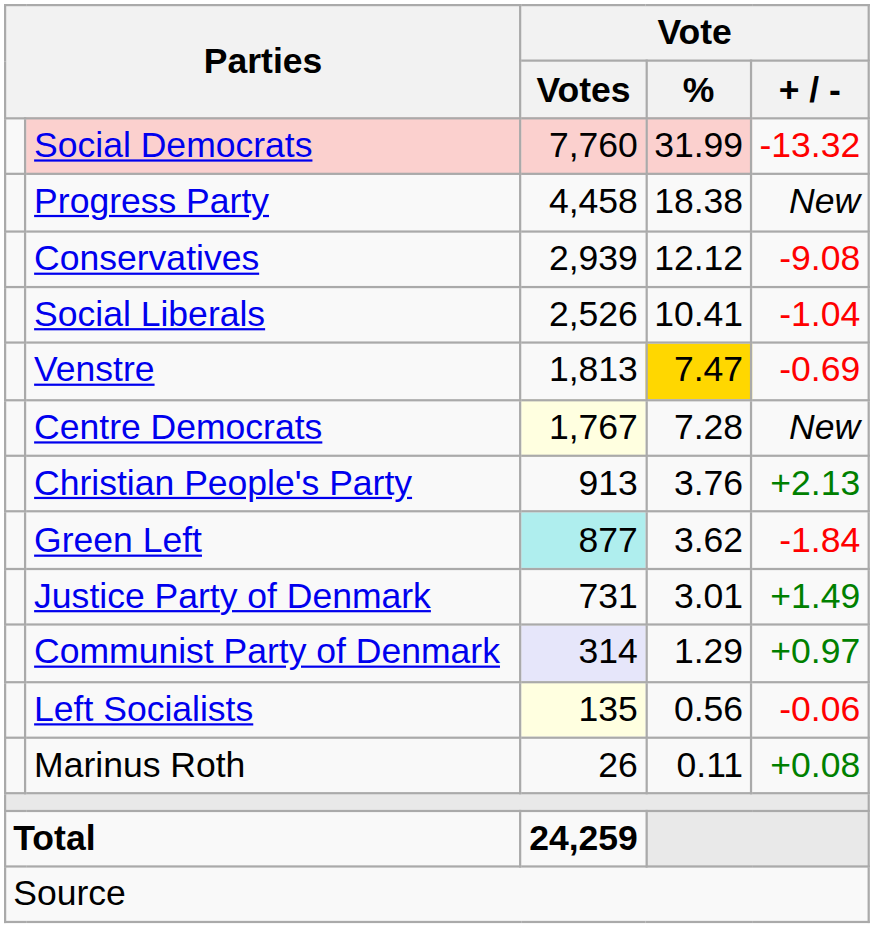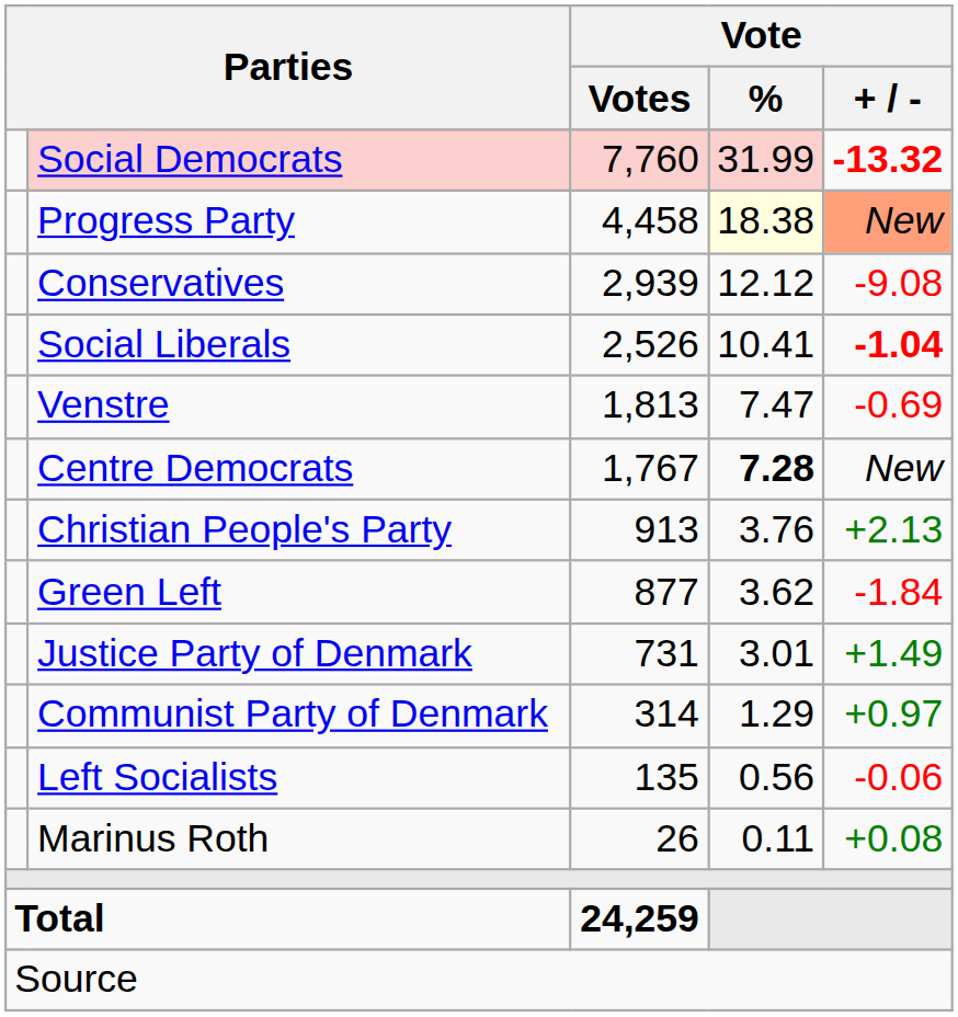 <table class="wikitable" style="text-align:right;">
 <tr>
 <th style="text-align:centre;" rowspan="2" colspan="2" width="225">Parties</th>
 <th colspan="3">Vote</th>
 </tr>
 <tr>
 <th width="15">Votes</th>
 <th width="15">%</th>
 <th width="15">+ / -</th>
 </tr>
 <tr>
 <td width="2" style="color:inherit;background:"></td>
 <td bgcolor=#fbd0ce  align="left"><a href='#'>Social Democrats</a></td>
 <td bgcolor=#fbd0ce>7,760</td>
 <td bgcolor=#fbd0ce>31.99</td>
-<td style=color:red;>-13.32</td>
+<td style=color:red;><strong>-13.32</strong></td>
 </tr>
 <tr>
 <td width="2" style="color:inherit;background:"></td>
 <td align="left"><a href='#'>Progress Party</a></td>
 <td>4,458</td>
-<td>18.38</td>
-<td><em>New</em></td>
+<td style="background: lightyellow;">18.38</td>
+<td style="background: lightsalmon;"><em>New</em></td>
 </tr>
 <tr>
 <td width="2" style="color:inherit;background:"></td>
 <td align="left"><a href='#'>Conservatives</a></td>
 <td>2,939</td>
 <td>12.12</td>
 <td style=color:red;>-9.08</td>
 </tr>
 <tr>
 <td width="2" style="color:inherit;background:"></td>
 <td align="left"><a href='#'>Social Liberals</a></td>
 <td>2,526</td>
 <td>10.41</td>
-<td style=color:red;>-1.04</td>
+<td style=color:red;><strong>-1.04</strong></td>
 </tr>
 <tr>
 <td width="2" style="color:inherit;background:"></td>
 <td align="left"><a href='#'>Venstre</a></td>
 <td>1,813</td>
-<td style="background: gold;">7.47</td>
+<td>7.47</td>
 <td style=color:red;>-0.69</td>
 </tr>
 <tr>
 <td width="2" style="color:inherit;background:"></td>
 <td align="left"><a href='#'>Centre Democrats</a></td>
-<td style="background: lightyellow;">1,767</td>
-<td>7.28</td>
+<td>1,767</td>
+<td><strong>7.28</strong></td>
 <td><em>New</em></td>
 </tr>
 <tr>
 <td width="2" style="color:inherit;background:"></td>
 <td align="left"><a href='#'>Christian People's Party</a></td>
 <td>913</td>
 <td>3.76</td>
 <td style=color:green;>+2.13</td>
 </tr>
 <tr>
 <td width="2" style="color:inherit;background:"></td>
 <td align="left"><a href='#'>Green Left</a></td>
-<td style="background: paleturquoise;">877</td>
+<td>877</td>
 <td>3.62</td>
 <td style=color:red;>-1.84</td>
 </tr>
 <tr>
 <td width="2" style="color:inherit;background:"></td>
 <td align="left"><a href='#'>Justice Party of Denmark</a></td>
 <td>731</td>
 <td>3.01</td>
 <td style=color:green;>+1.49</td>
 </tr>
 <tr>
 <td width="2" style="color:inherit;background:"></td>
 <td align="left"><a href='#'>Communist Party of Denmark</a></td>
-<td style="background: lavender;">314</td>
+<td>314</td>
 <td>1.29</td>
 <td style=color:green;>+0.97</td>
 </tr>
 <tr>
 <td width="2" style="color:inherit;background:"></td>
 <td align="left"><a href='#'>Left Socialists</a></td>
-<td style="background: lightyellow;">135</td>
+<td>135</td>
 <td>0.56</td>
 <td style=color:red;>-0.06</td>
 </tr>
 <tr>
 <td width="2" style="color:inherit;background:"></td>
 <td align="left">Marinus Roth</td>
 <td>26</td>
 <td>0.11</td>
 <td style=color:green;>+0.08</td>
 </tr>
 <tr>
 <td colspan="7" bgcolor="#E9E9E9"></td>
 </tr>
 <tr>
 <td align="left" colspan="2"><strong>Total</strong></td>
 <td><strong>24,259</strong></td>
 <td bgcolor="#E9E9E9" colspan="2"></td>
 </tr>
 <tr>
 <td align="left" colspan="6">Source</td>
 </tr>
 </table>
